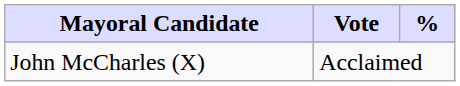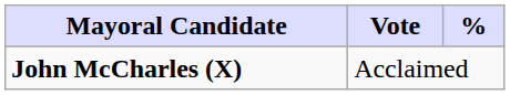 <table class="wikitable">
 <tr>
 <th style="background:#ddf; width:200px;">Mayoral Candidate </th>
 <th style="background:#ddf; width:50px;">Vote</th>
 <th style="background:#ddf; width:30px;">%</th>
 </tr>
 <tr>
-<td>John McCharles (X)</td>
+<td><strong>John McCharles (X)</strong></td>
 <td colspan="2">Acclaimed</td>
 </tr>
 </table>
